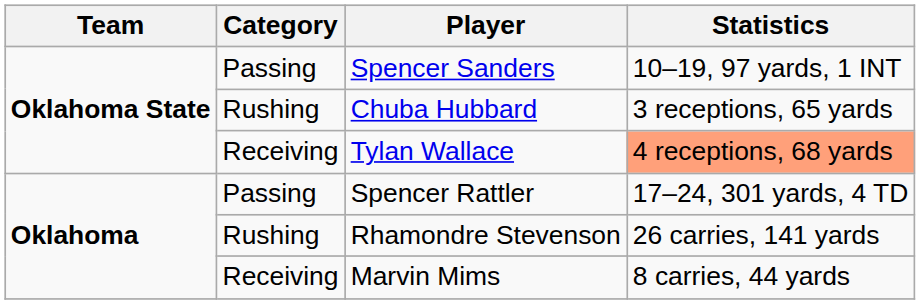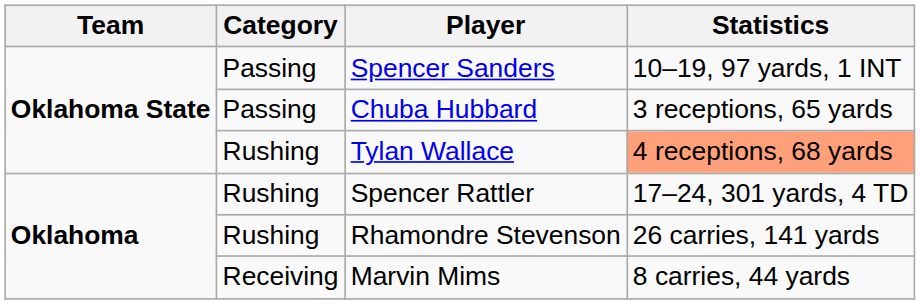 <table class="wikitable" style="float: right;">
 <tr>
 <th>Team</th>
 <th>Category</th>
 <th>Player</th>
 <th>Statistics</th>
 </tr>
 <tr>
 <td rowspan=3><strong>Oklahoma State</strong></td>
 <td>Passing</td>
 <td><a href='#'>Spencer Sanders</a></td>
 <td>10–19, 97 yards, 1 INT</td>
 </tr>
 <tr>
-<td>Rushing</td>
+<td>Passing</td>
 <td><a href='#'>Chuba Hubbard</a></td>
 <td>3 receptions, 65 yards</td>
 </tr>
 <tr>
-<td>Receiving</td>
+<td>Rushing</td>
 <td><a href='#'>Tylan Wallace</a></td>
 <td style="background: lightsalmon;">4 receptions, 68 yards</td>
 </tr>
 <tr>
 <td rowspan=3><strong>Oklahoma</strong></td>
-<td>Passing</td>
+<td>Rushing</td>
 <td>Spencer Rattler</td>
 <td>17–24, 301 yards, 4 TD</td>
 </tr>
 <tr>
 <td>Rushing</td>
 <td>Rhamondre Stevenson</td>
 <td>26 carries, 141 yards</td>
 </tr>
 <tr>
 <td>Receiving</td>
 <td>Marvin Mims</td>
 <td>8 carries, 44 yards</td>
 </tr>
 </table>
